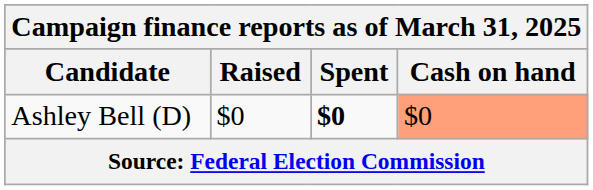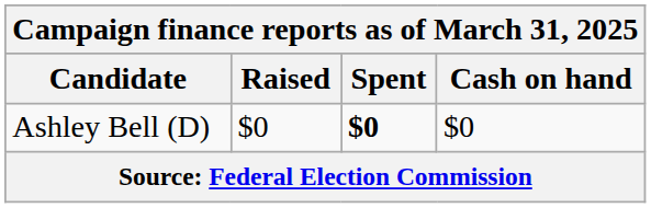 <table class="wikitable sortable">
 <tr>
 <th colspan=4>Campaign finance reports as of March 31, 2025</th>
 </tr>
 <tr style="text-align:center;">
 <th>Candidate</th>
 <th>Raised</th>
 <th>Spent</th>
 <th>Cash on hand</th>
 </tr>
 <tr>
 <td>Ashley Bell (D)</td>
 <td>$0</td>
 <td><strong>$0</strong></td>
-<td style="background: lightsalmon;">$0</td>
+<td>$0</td>
 </tr>
 <tr>
 <th colspan="4"><small>Source: <a href='#'>Federal Election Commission</a></small></th>
 </tr>
 </table>
